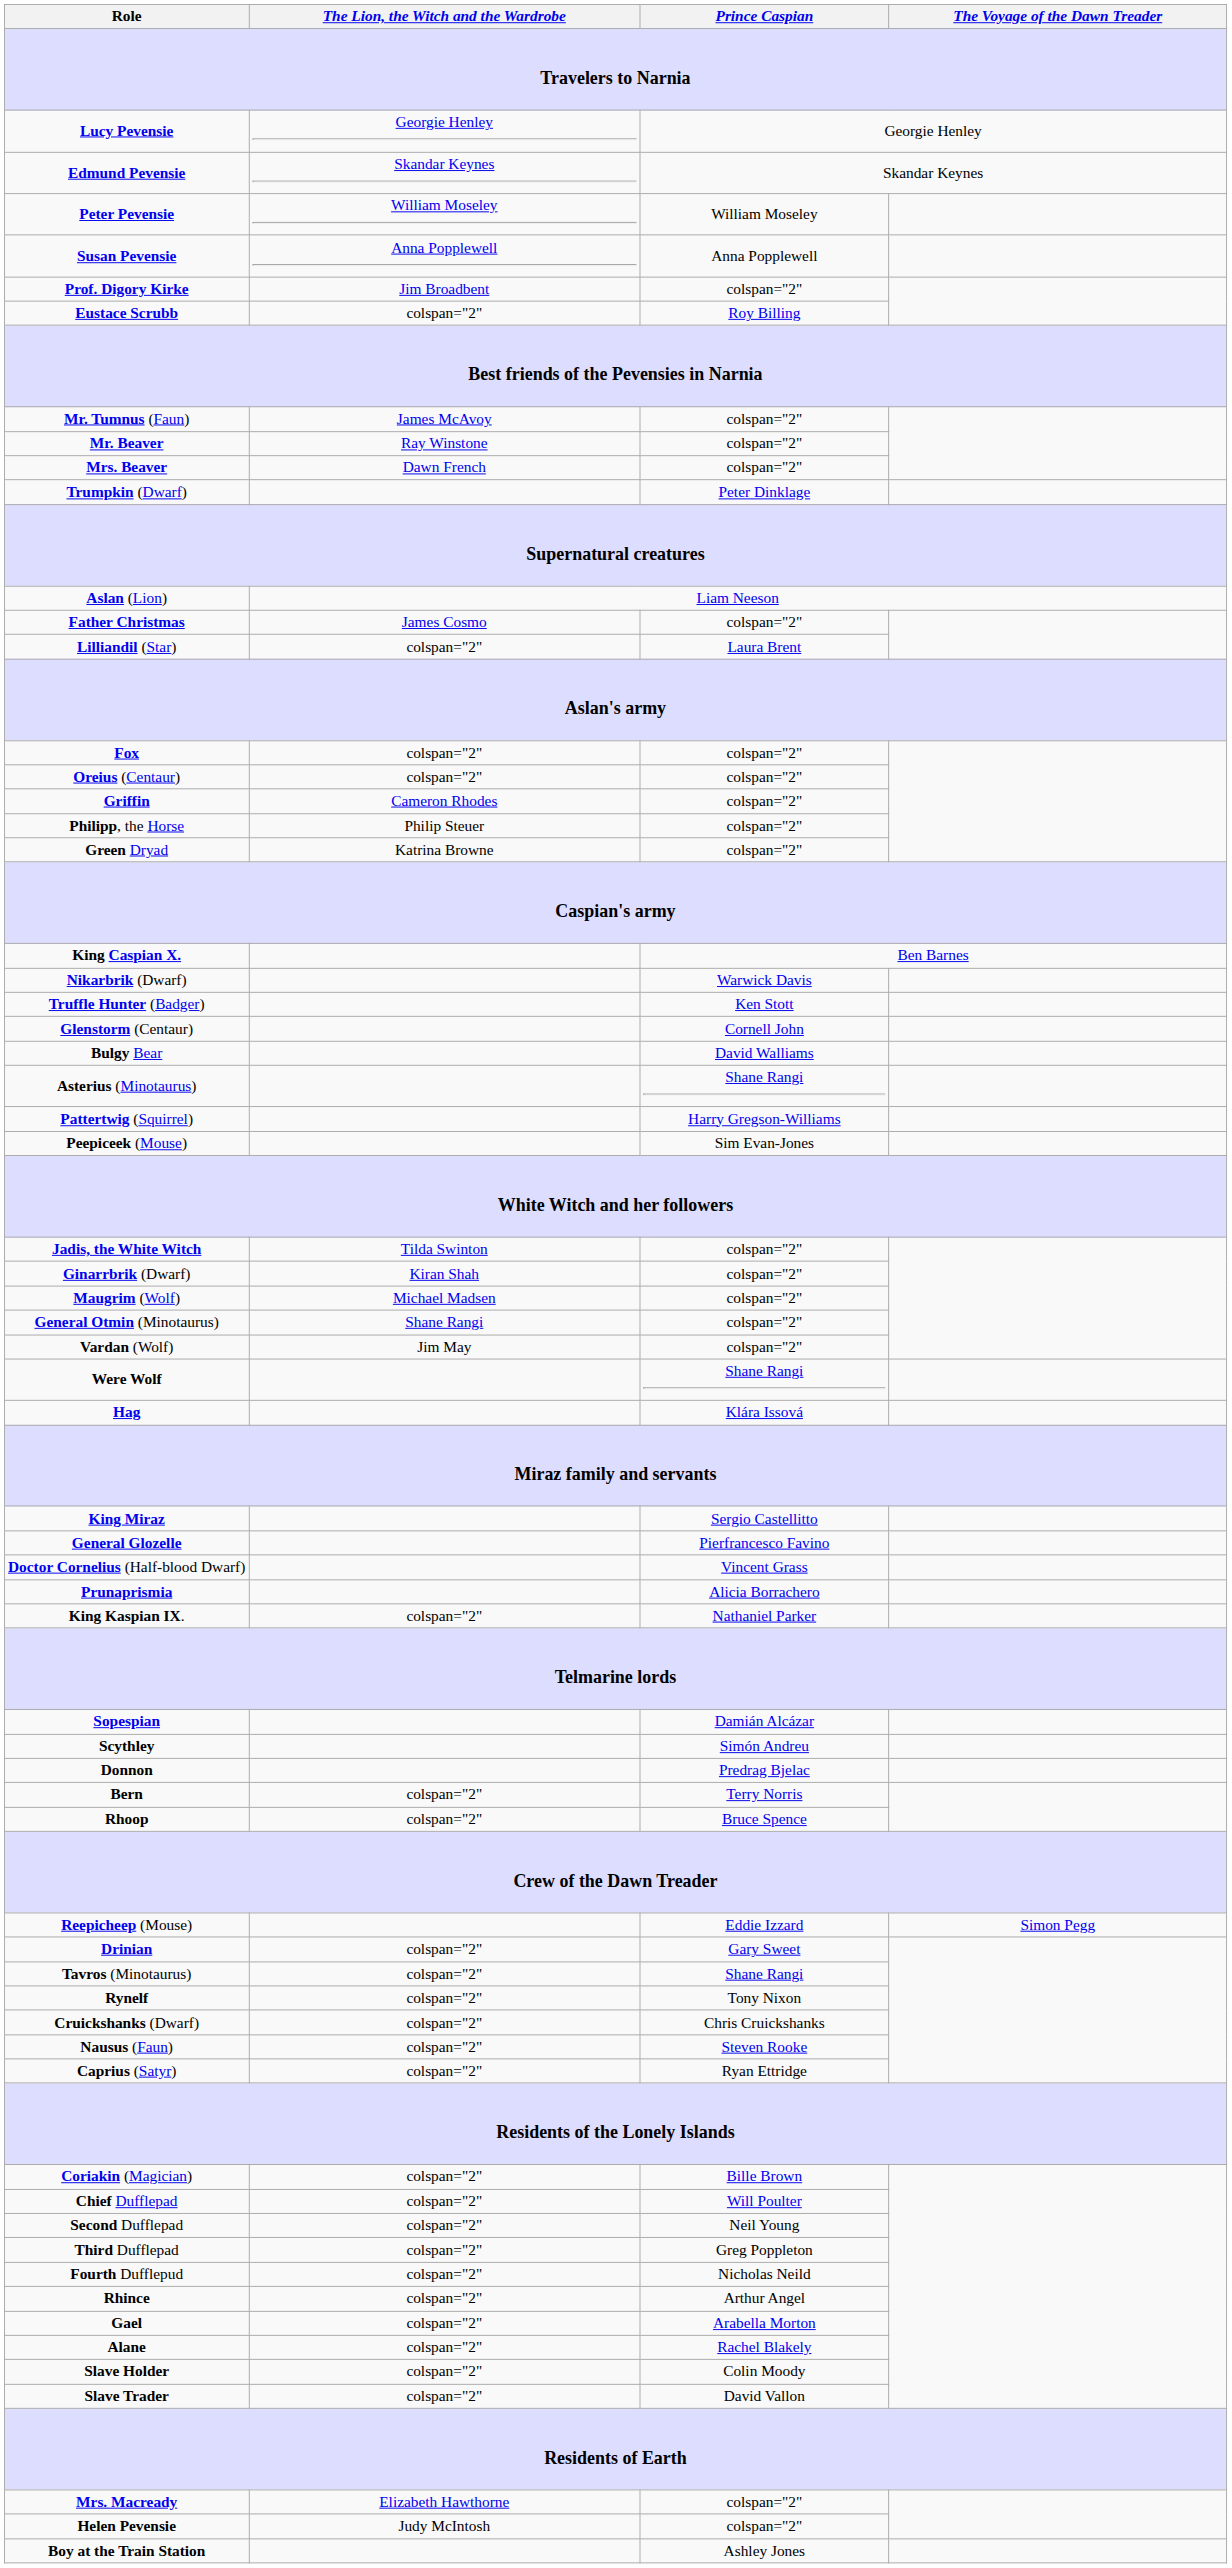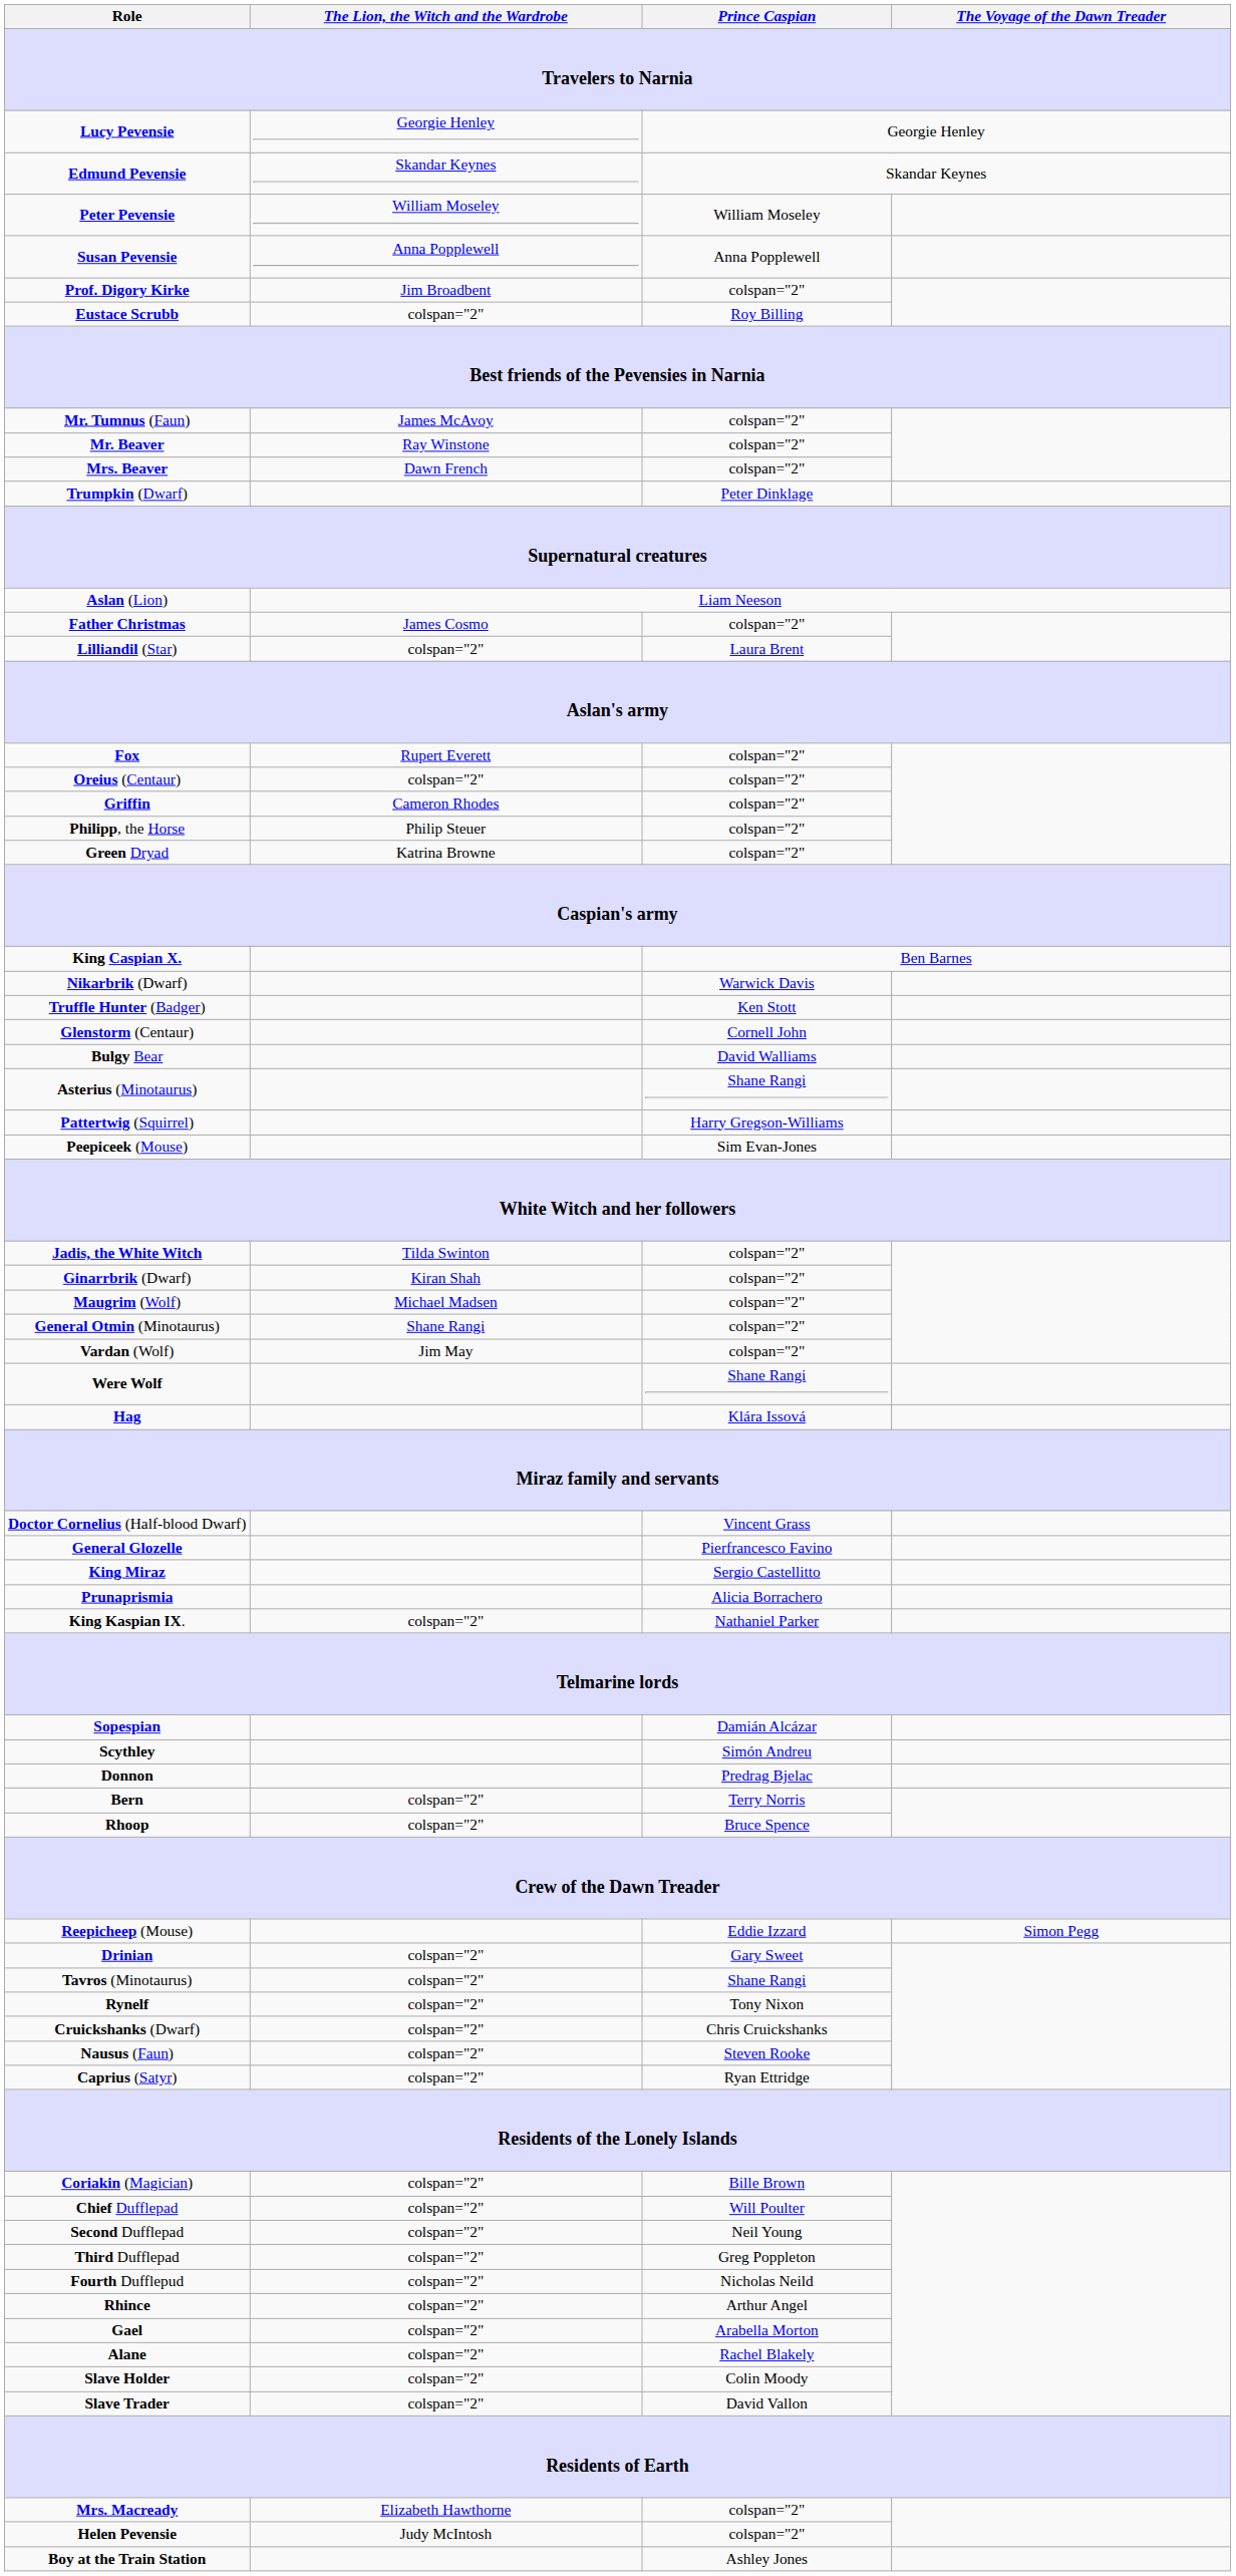 <table class="wikitable" style="text-align:center">
 <tr>
 <th style="width:20%;">Role</th>
 <th style="text-align:center;"><em><a href='#'>The Lion, the Witch and the Wardrobe</a></em></th>
 <th><em><a href='#'>Prince Caspian</a></em></th>
 <th><em><a href='#'>The Voyage of the Dawn Treader</a></em></th>
 </tr>
 <tr>
 <th colspan="4" style="background-color:#ddf;"><br><h3>Travelers to Narnia</h3></th>
 </tr>
 <tr>
 <td><strong><a href='#'>Lucy Pevensie</a></strong></td>
 <td><a href='#'>Georgie Henley</a><hr></td>
 <td colspan="2">Georgie Henley</td>
 </tr>
 <tr>
 <td><strong><a href='#'>Edmund Pevensie</a></strong></td>
 <td><a href='#'>Skandar Keynes</a><hr></td>
 <td colspan="2">Skandar Keynes</td>
 </tr>
 <tr>
 <td><strong><a href='#'>Peter Pevensie</a></strong></td>
 <td><a href='#'>William Moseley</a><hr></td>
 <td>William Moseley</td>
 <td></td>
 </tr>
 <tr>
 <td><strong><a href='#'>Susan Pevensie</a></strong></td>
 <td><a href='#'>Anna Popplewell</a><hr></td>
 <td>Anna Popplewell</td>
 <td></td>
 </tr>
 <tr>
 <td><strong><a href='#'>Prof. Digory Kirke</a></strong></td>
 <td><a href='#'>Jim Broadbent</a></td>
 <td>colspan="2" </td>
 </tr>
 <tr>
 <td><strong><a href='#'>Eustace Scrubb</a></strong></td>
 <td>colspan="2" </td>
 <td><a href='#'>Roy Billing</a></td>
 </tr>
 <tr>
 <th colspan="4" style="background-color:#ddf;"><br><h3>Best friends of the Pevensies in Narnia</h3></th>
 </tr>
 <tr>
 <td><strong><a href='#'>Mr. Tumnus</a></strong> (<a href='#'>Faun</a>)</td>
 <td><a href='#'>James McAvoy</a></td>
 <td>colspan="2" </td>
 </tr>
 <tr>
 <td><strong><a href='#'>Mr. Beaver</a></strong></td>
 <td><a href='#'>Ray Winstone</a></td>
 <td>colspan="2" </td>
 </tr>
 <tr>
 <td><strong><a href='#'>Mrs. Beaver</a></strong></td>
 <td><a href='#'>Dawn French</a></td>
 <td>colspan="2" </td>
 </tr>
 <tr>
 <td><strong><a href='#'>Trumpkin</a></strong> (<a href='#'>Dwarf</a>)</td>
 <td></td>
 <td><a href='#'>Peter Dinklage</a></td>
 <td></td>
 </tr>
 <tr>
 <th colspan="4" style="background-color:#ddf;"><br><h3>Supernatural creatures</h3></th>
 </tr>
 <tr>
 <td><strong><a href='#'>Aslan</a></strong> (<a href='#'>Lion</a>)</td>
 <td colspan="3"><a href='#'>Liam Neeson</a></td>
 </tr>
 <tr>
 <td><strong><a href='#'>Father Christmas</a></strong></td>
 <td><a href='#'>James Cosmo</a></td>
 <td>colspan="2" </td>
 </tr>
 <tr>
 <td><strong><a href='#'>Lilliandil</a></strong> (<a href='#'>Star</a>)</td>
 <td>colspan="2" </td>
 <td><a href='#'>Laura Brent</a></td>
 </tr>
 <tr>
 <th colspan="4" style="background-color:#ddf;"><br><h3>Aslan's army</h3></th>
 </tr>
 <tr>
 <td><strong><a href='#'>Fox</a></strong></td>
-<td>colspan="2" </td>
+<td><a href='#'>Rupert Everett</a></td>
 <td>colspan="2" </td>
 </tr>
 <tr>
 <td><strong><a href='#'>Oreius</a></strong> (<a href='#'>Centaur</a>)</td>
 <td>colspan="2" </td>
 <td>colspan="2" </td>
 </tr>
 <tr>
 <td><strong><a href='#'>Griffin</a></strong></td>
 <td><a href='#'>Cameron Rhodes</a></td>
 <td>colspan="2" </td>
 </tr>
 <tr>
 <td><strong>Philipp</strong>, the <a href='#'>Horse</a></td>
 <td>Philip Steuer</td>
 <td>colspan="2" </td>
 </tr>
 <tr>
 <td><strong>Green</strong> <a href='#'>Dryad</a></td>
 <td>Katrina Browne</td>
 <td>colspan="2" </td>
 </tr>
 <tr>
 <th colspan="4" style="background-color:#ddf;"><br><h3>Caspian's army</h3></th>
 </tr>
 <tr>
 <td><strong>King <a href='#'>Caspian X.</a></strong></td>
 <td></td>
 <td colspan="2"><a href='#'>Ben Barnes</a></td>
 </tr>
 <tr>
 <td><strong><a href='#'>Nikarbrik</a></strong> (Dwarf)</td>
 <td></td>
 <td><a href='#'>Warwick Davis</a></td>
 <td></td>
 </tr>
 <tr>
 <td><strong><a href='#'>Truffle Hunter</a></strong> (<a href='#'>Badger</a>)</td>
 <td></td>
 <td><a href='#'>Ken Stott</a></td>
 <td></td>
 </tr>
 <tr>
 <td><strong><a href='#'>Glenstorm</a></strong> (Centaur)</td>
 <td></td>
 <td><a href='#'>Cornell John</a></td>
 <td></td>
 </tr>
 <tr>
 <td><strong>Bulgy</strong> <a href='#'>Bear</a></td>
 <td></td>
 <td><a href='#'>David Walliams</a></td>
 <td></td>
 </tr>
 <tr>
 <td><strong>Asterius</strong> (<a href='#'>Minotaurus</a>)</td>
 <td></td>
 <td><a href='#'>Shane Rangi</a><hr></td>
 <td></td>
 </tr>
 <tr>
 <td><strong><a href='#'>Pattertwig</a></strong> (<a href='#'>Squirrel</a>)</td>
 <td></td>
 <td><a href='#'>Harry Gregson-Williams</a></td>
 <td></td>
 </tr>
 <tr>
 <td><strong>Peepiceek</strong> (<a href='#'>Mouse</a>)</td>
 <td></td>
 <td>Sim Evan-Jones</td>
 <td></td>
 </tr>
 <tr>
 <th colspan="4" style="background-color:#ddf;"><br><h3>White Witch and her followers</h3></th>
 </tr>
 <tr>
 <td><strong><a href='#'>Jadis, the White Witch</a></strong></td>
 <td><a href='#'>Tilda Swinton</a></td>
 <td>colspan="2" </td>
 </tr>
 <tr>
 <td><strong><a href='#'>Ginarrbrik</a></strong> (Dwarf)</td>
 <td><a href='#'>Kiran Shah</a></td>
 <td>colspan="2" </td>
 </tr>
 <tr>
 <td><strong><a href='#'>Maugrim</a></strong> (<a href='#'>Wolf</a>)</td>
 <td><a href='#'>Michael Madsen</a></td>
 <td>colspan="2" </td>
 </tr>
 <tr>
 <td><strong><a href='#'>General Otmin</a></strong> (Minotaurus)</td>
 <td><a href='#'>Shane Rangi</a></td>
 <td>colspan="2" </td>
 </tr>
 <tr>
 <td><strong>Vardan</strong> (Wolf)</td>
 <td>Jim May</td>
 <td>colspan="2" </td>
 </tr>
 <tr>
 <td><strong>Were Wolf</strong></td>
 <td></td>
 <td><a href='#'>Shane Rangi</a><hr></td>
 <td></td>
 </tr>
 <tr>
 <td><strong><a href='#'>Hag</a></strong></td>
 <td></td>
 <td><a href='#'>Klára Issová</a></td>
 <td></td>
 </tr>
 <tr>
 <th colspan="4" style="background-color:#ddf;"><br><h3>Miraz family and servants</h3></th>
 </tr>
 <tr>
-<td><strong><a href='#'>King Miraz</a></strong></td>
+<td><strong><a href='#'>Doctor Cornelius</a></strong> (Half-blood Dwarf)</td>
 <td></td>
-<td><a href='#'>Sergio Castellitto</a></td>
+<td><a href='#'>Vincent Grass</a></td>
 <td></td>
 </tr>
 <tr>
 <td><strong><a href='#'>General Glozelle</a></strong></td>
 <td></td>
 <td><a href='#'>Pierfrancesco Favino</a></td>
 <td></td>
 </tr>
 <tr>
-<td><strong><a href='#'>Doctor Cornelius</a></strong> (Half-blood Dwarf)</td>
+<td><strong><a href='#'>King Miraz</a></strong></td>
 <td></td>
-<td><a href='#'>Vincent Grass</a></td>
+<td><a href='#'>Sergio Castellitto</a></td>
 <td></td>
 </tr>
 <tr>
 <td><strong><a href='#'>Prunaprismia</a></strong></td>
 <td></td>
 <td><a href='#'>Alicia Borrachero</a></td>
 <td></td>
 </tr>
 <tr>
 <td><strong>King Kaspian IX</strong>.</td>
 <td>colspan="2" </td>
 <td><a href='#'>Nathaniel Parker</a></td>
 </tr>
 <tr>
 <th colspan="4" style="background-color:#ddf;"><br><h3>Telmarine lords</h3></th>
 </tr>
 <tr>
 <td><strong><a href='#'>Sopespian</a></strong></td>
 <td></td>
 <td><a href='#'>Damián Alcázar</a></td>
 <td></td>
 </tr>
 <tr>
 <td><strong>Scythley</strong></td>
 <td></td>
 <td><a href='#'>Simón Andreu</a></td>
 <td></td>
 </tr>
 <tr>
 <td><strong>Donnon</strong></td>
 <td></td>
 <td><a href='#'>Predrag Bjelac</a></td>
 <td></td>
 </tr>
 <tr>
 <td><strong>Bern</strong></td>
 <td>colspan="2" </td>
 <td><a href='#'>Terry Norris</a></td>
 </tr>
 <tr>
 <td><strong>Rhoop</strong></td>
 <td>colspan="2" </td>
 <td><a href='#'>Bruce Spence</a></td>
 </tr>
 <tr>
 <th colspan="4" style="background-color:#ddf;"><br><h3>Crew of the Dawn Treader</h3></th>
 </tr>
 <tr>
 <td><strong><a href='#'>Reepicheep</a></strong> (Mouse)</td>
 <td></td>
 <td><a href='#'>Eddie Izzard</a></td>
 <td><a href='#'>Simon Pegg</a></td>
 </tr>
 <tr>
 <td><strong><a href='#'>Drinian</a></strong></td>
 <td>colspan="2" </td>
 <td><a href='#'>Gary Sweet</a></td>
 </tr>
 <tr>
 <td><strong>Tavros</strong> (Minotaurus)</td>
 <td>colspan="2" </td>
 <td><a href='#'>Shane Rangi</a></td>
 </tr>
 <tr>
 <td><strong>Rynelf</strong></td>
 <td>colspan="2" </td>
 <td>Tony Nixon</td>
 </tr>
 <tr>
 <td><strong>Cruickshanks</strong> (Dwarf)</td>
 <td>colspan="2" </td>
 <td>Chris Cruickshanks</td>
 </tr>
 <tr>
 <td><strong>Nausus</strong> (<a href='#'>Faun</a>)</td>
 <td>colspan="2" </td>
 <td><a href='#'>Steven Rooke</a></td>
 </tr>
 <tr>
 <td><strong>Caprius</strong> (<a href='#'>Satyr</a>)</td>
 <td>colspan="2" </td>
 <td>Ryan Ettridge</td>
 </tr>
 <tr>
 <th colspan="4" style="background-color:#ddf;"><br><h3>Residents of the Lonely Islands</h3></th>
 </tr>
 <tr>
 <td><strong><a href='#'>Coriakin</a></strong> (<a href='#'>Magician</a>)</td>
 <td>colspan="2" </td>
 <td><a href='#'>Bille Brown</a></td>
 </tr>
 <tr>
 <td><strong>Chief</strong> <a href='#'>Dufflepad</a></td>
 <td>colspan="2" </td>
 <td><a href='#'>Will Poulter</a></td>
 </tr>
 <tr>
 <td><strong>Second</strong> Dufflepad</td>
 <td>colspan="2" </td>
 <td>Neil Young</td>
 </tr>
 <tr>
 <td><strong>Third</strong> Dufflepad</td>
 <td>colspan="2" </td>
 <td>Greg Poppleton</td>
 </tr>
 <tr>
 <td><strong>Fourth</strong> Dufflepud</td>
 <td>colspan="2" </td>
 <td>Nicholas Neild</td>
 </tr>
 <tr>
 <td><strong>Rhince</strong></td>
 <td>colspan="2" </td>
 <td>Arthur Angel</td>
 </tr>
 <tr>
 <td><strong>Gael</strong></td>
 <td>colspan="2" </td>
 <td><a href='#'>Arabella Morton</a></td>
 </tr>
 <tr>
 <td><strong>Alane</strong></td>
 <td>colspan="2" </td>
 <td><a href='#'>Rachel Blakely</a></td>
 </tr>
 <tr>
 <td><strong>Slave Holder</strong></td>
 <td>colspan="2" </td>
 <td>Colin Moody</td>
 </tr>
 <tr>
 <td><strong>Slave Trader</strong></td>
 <td>colspan="2" </td>
 <td>David Vallon</td>
 </tr>
 <tr>
 <th colspan="4" style="background-color:#ddf;"><br><h3>Residents of Earth</h3></th>
 </tr>
 <tr>
 <td><strong><a href='#'>Mrs. Macready</a></strong></td>
 <td><a href='#'>Elizabeth Hawthorne</a></td>
 <td>colspan="2" </td>
 </tr>
 <tr>
 <td><strong>Helen Pevensie</strong></td>
 <td>Judy McIntosh</td>
 <td>colspan="2" </td>
 </tr>
 <tr>
 <td><strong>Boy at the Train Station</strong></td>
 <td></td>
 <td>Ashley Jones</td>
 <td></td>
 </tr>
 </table>
